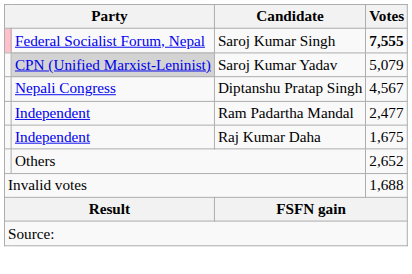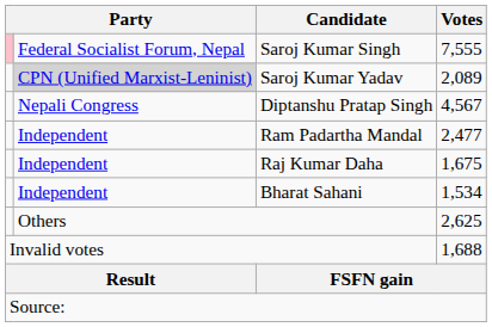 <table class="wikitable">
 <tr>
 <th colspan="2">Party</th>
 <th>Candidate</th>
 <th>Votes</th>
 </tr>
 <tr>
 <td style="background-color:pink"></td>
 <td><a href='#'>Federal Socialist Forum, Nepal</a></td>
 <td>Saroj Kumar Singh</td>
-<td><strong>7,555</strong></td>
+<td>7,555</td>
 </tr>
 <tr>
 <td style="background-color:"></td>
 <td style="background: lightgrey;"><a href='#'>CPN (Unified Marxist-Leninist)</a></td>
 <td>Saroj Kumar Yadav</td>
-<td>5,079</td>
+<td>2,089</td>
 </tr>
 <tr>
 <td style="background-color:"></td>
 <td><a href='#'>Nepali Congress</a></td>
 <td>Diptanshu Pratap Singh</td>
 <td>4,567</td>
 </tr>
 <tr>
 <td style="background-color:"></td>
 <td><a href='#'>Independent</a></td>
 <td>Ram Padartha Mandal</td>
 <td>2,477</td>
 </tr>
 <tr>
 <td style="background-color:"></td>
 <td><a href='#'>Independent</a></td>
 <td>Raj Kumar Daha</td>
 <td>1,675</td>
 </tr>
 <tr>
+<td style="background-color:"></td>
+<td><a href='#'>Independent</a></td>
+<td>Bharat Sahani</td>
+<td>1,534</td>
+</tr>
+<tr>
 <td></td>
 <td colspan="2">Others</td>
-<td>2,652</td>
+<td>2,625</td>
 </tr>
 <tr>
 <td colspan="3">Invalid votes</td>
 <td>1,688</td>
 </tr>
 <tr>
 <th colspan="2">Result</th>
 <th colspan="2">FSFN gain</th>
 </tr>
 <tr>
 <td colspan="4">Source: </td>
 </tr>
 </table>
